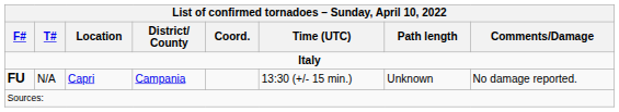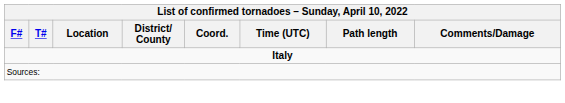 <table class="wikitable collapsible" width="100%">
 <tr>
 <th colspan="8">List of confirmed tornadoes – Sunday, April 10, 2022</th>
 </tr>
 <tr>
 <th><a href='#'>F#</a></th>
 <th><a href='#'>T#</a></th>
 <th>Location</th>
 <th>District/<br>County</th>
 <th>Coord.</th>
 <th>Time (UTC)</th>
 <th>Path length</th>
 <th>Comments/Damage</th>
 </tr>
 <tr>
 <td colspan="8" align=center><strong>Italy</strong></td>
 </tr>
 <tr>
-<td><big><strong>FU</strong></big></td>
-<td>N/A</td>
-<td><a href='#'>Capri</a></td>
-<td><a href='#'>Campania</a></td>
-<td></td>
-<td>13:30 (+/- 15 min.)</td>
-<td>Unknown</td>
-<td>No damage reported.</td>
-</tr>
-<tr>
 <td colspan="8"><small>Sources:  </small></td>
 </tr>
 </table>
